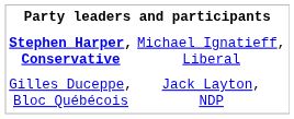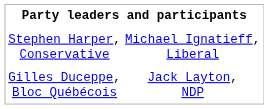 <table style="border: solid 1px #bbb; margin: 0 0 0 1.4em; float:right; font-size:90%; text-align:center">
 <tr>
 <th colspan="2">Party leaders and participants</th>
 </tr>
 <tr>
 <td></td>
 <td></td>
 </tr>
 <tr>
-<td><strong><a href='#'>Stephen Harper</a>, <br><a href='#'>Conservative</a></strong></td>
+<td><a href='#'>Stephen Harper</a>, <br><a href='#'>Conservative</a></td>
 <td><a href='#'>Michael Ignatieff</a>, <br><a href='#'>Liberal</a></td>
 </tr>
 <tr>
 <td></td>
 <td></td>
 </tr>
 <tr>
 <td><a href='#'>Gilles Duceppe</a>, <br><a href='#'>Bloc Québécois</a></td>
 <td><a href='#'>Jack Layton</a>, <br><a href='#'>NDP</a></td>
 </tr>
 </table>
